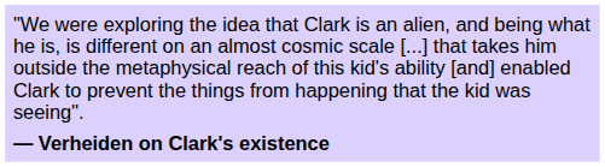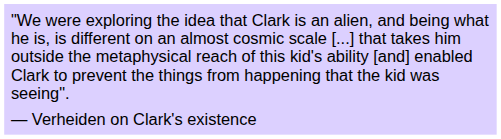 <table class="toccolours" style="float: left; margin-left: 1em; margin-right: 2em; font-size: 95%; background:#DCD0FF; color:black; width:30em; max-width: 40%;" cellspacing="5">
 <tr>
 <td style="text-align: left;">"We were exploring the idea that Clark is an alien, and being what he is, is different on an almost cosmic scale [...] that takes him outside the metaphysical reach of this kid's ability [and] enabled Clark to prevent the things from happening that the kid was seeing".</td>
 </tr>
 <tr>
-<td style="text-align: left;"><strong>— Verheiden on Clark's existence</strong></td>
+<td style="text-align: left;">— Verheiden on Clark's existence</td>
 </tr>
 </table>
